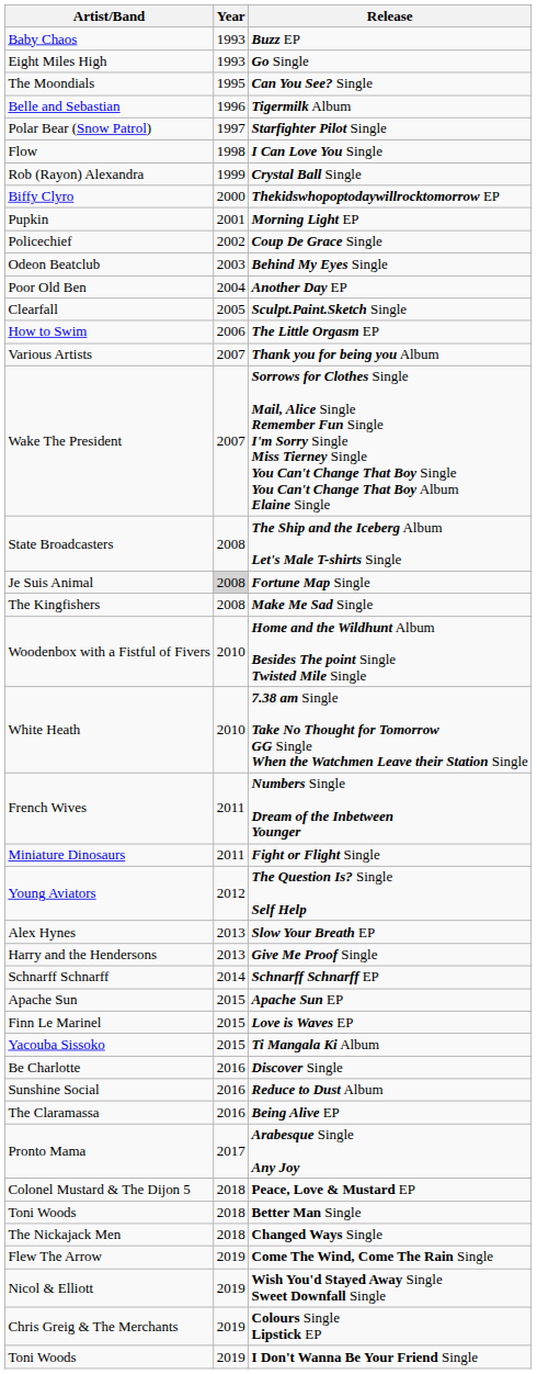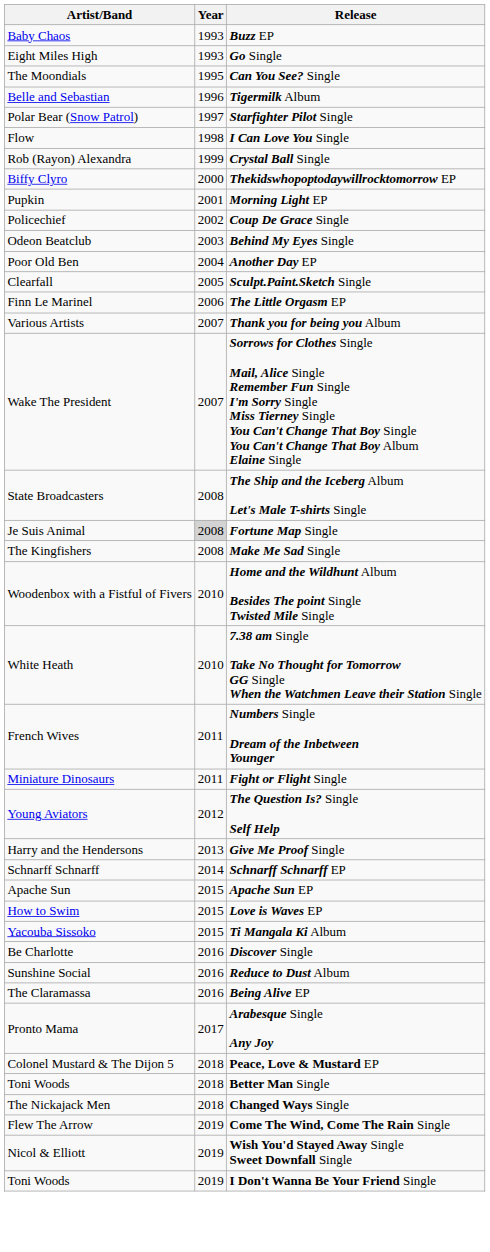 <table class="wikitable">
 <tr>
 <th>Artist/Band</th>
 <th>Year</th>
 <th>Release</th>
 </tr>
 <tr>
 <td><a href='#'>Baby Chaos</a></td>
 <td>1993</td>
 <td><strong><em>Buzz</em></strong> EP</td>
 </tr>
 <tr>
 <td>Eight Miles High</td>
 <td>1993</td>
 <td><strong><em>Go</em></strong> Single</td>
 </tr>
 <tr>
 <td>The Moondials</td>
 <td>1995</td>
 <td><strong><em>Can You See?</em></strong> Single</td>
 </tr>
 <tr>
 <td><a href='#'>Belle and Sebastian</a></td>
 <td>1996</td>
 <td><strong><em>Tigermilk</em></strong> Album</td>
 </tr>
 <tr>
 <td>Polar Bear (<a href='#'>Snow Patrol</a>)</td>
 <td>1997</td>
 <td><strong><em>Starfighter Pilot</em></strong> Single</td>
 </tr>
 <tr>
 <td>Flow</td>
 <td>1998</td>
 <td><strong><em>I Can Love You</em></strong> Single</td>
 </tr>
 <tr>
 <td>Rob (Rayon) Alexandra</td>
 <td>1999</td>
 <td><strong><em>Crystal Ball</em></strong> Single</td>
 </tr>
 <tr>
 <td><a href='#'>Biffy Clyro</a></td>
 <td>2000</td>
 <td><strong><em>Thekidswhopoptodaywillrocktomorrow</em></strong> EP</td>
 </tr>
 <tr>
 <td>Pupkin</td>
 <td>2001</td>
 <td><strong><em>Morning Light</em></strong> EP</td>
 </tr>
 <tr>
 <td>Policechief</td>
 <td>2002</td>
 <td><strong><em>Coup De Grace</em></strong> Single</td>
 </tr>
 <tr>
 <td>Odeon Beatclub</td>
 <td>2003</td>
 <td><strong><em>Behind My Eyes</em></strong> Single</td>
 </tr>
 <tr>
 <td>Poor Old Ben</td>
 <td>2004</td>
 <td><strong><em>Another Day</em></strong> EP</td>
 </tr>
 <tr>
 <td>Clearfall</td>
 <td>2005</td>
 <td><strong><em>Sculpt.Paint.Sketch</em></strong> Single</td>
 </tr>
 <tr>
-<td><a href='#'>How to Swim</a></td>
+<td>Finn Le Marinel</td>
 <td>2006</td>
 <td><strong><em>The Little Orgasm</em></strong> EP</td>
 </tr>
 <tr>
 <td>Various Artists</td>
 <td>2007</td>
 <td><strong><em>Thank you for being you</em></strong> Album</td>
 </tr>
 <tr>
 <td>Wake The President</td>
 <td>2007</td>
 <td><strong><em>Sorrows for Clothes</em></strong> Single<br><br><strong><em>Mail, Alice</em></strong> Single<br> <strong><em>Remember Fun</em></strong> Single<br> <strong><em>I'm Sorry</em></strong> Single<br> <strong><em>Miss Tierney</em></strong> Single<br> <strong><em>You Can't Change That Boy</em></strong> Single <br> <strong><em>You Can't Change That Boy</em></strong> Album <br> <strong><em>Elaine</em></strong> Single</td>
 </tr>
 <tr>
 <td>State Broadcasters</td>
 <td>2008</td>
 <td><strong><em>The Ship and the Iceberg</em></strong> Album<br><br><strong><em>Let's Male T-shirts</em></strong> Single</td>
 </tr>
 <tr>
 <td>Je Suis Animal</td>
 <td style="background: lightgrey;">2008</td>
 <td><strong><em>Fortune Map</em></strong> Single</td>
 </tr>
 <tr>
 <td>The Kingfishers</td>
 <td>2008</td>
 <td><strong><em>Make Me Sad</em></strong> Single</td>
 </tr>
 <tr>
 <td>Woodenbox with a Fistful of Fivers</td>
 <td>2010</td>
 <td><strong><em>Home and the Wildhunt</em></strong> Album<br><br><strong><em>Besides The point</em></strong> Single <br> <strong><em>Twisted Mile</em></strong> Single</td>
 </tr>
 <tr>
 <td>White Heath</td>
 <td>2010</td>
 <td><strong><em>7.38 am</em></strong> Single <br><br><strong><em>Take No Thought for Tomorrow</em></strong> <br> <strong><em>GG</em></strong> Single <br> <strong><em>When the Watchmen Leave their Station</em></strong> Single</td>
 </tr>
 <tr>
 <td>French Wives</td>
 <td>2011</td>
 <td><strong><em>Numbers</em></strong> Single <br><br><strong><em>Dream of the Inbetween</em></strong><br>  <strong><em>Younger</em></strong> <br></td>
 </tr>
 <tr>
 <td><a href='#'>Miniature Dinosaurs</a></td>
 <td>2011</td>
 <td><strong><em>Fight or Flight</em></strong> Single</td>
 </tr>
 <tr>
 <td><a href='#'>Young Aviators</a></td>
 <td>2012</td>
 <td><strong><em>The Question Is?</em></strong> Single <br><br><strong><em>Self Help</em></strong></td>
 </tr>
 <tr>
-<td>Alex Hynes</td>
-<td>2013</td>
-<td><strong><em>Slow Your Breath</em></strong> EP</td>
-</tr>
-<tr>
 <td>Harry and the Hendersons</td>
 <td>2013</td>
 <td><strong><em>Give Me Proof</em></strong> Single</td>
 </tr>
 <tr>
 <td>Schnarff Schnarff</td>
 <td>2014</td>
 <td><strong><em>Schnarff Schnarff</em></strong> EP</td>
 </tr>
 <tr>
 <td>Apache Sun</td>
 <td>2015</td>
 <td><strong><em>Apache Sun</em></strong> EP</td>
 </tr>
 <tr>
-<td>Finn Le Marinel</td>
+<td><a href='#'>How to Swim</a></td>
 <td>2015</td>
 <td><strong><em>Love is Waves</em></strong> EP</td>
 </tr>
 <tr>
 <td><a href='#'>Yacouba Sissoko</a></td>
 <td>2015</td>
 <td><strong><em>Ti Mangala Ki</em></strong> Album</td>
 </tr>
 <tr>
 <td>Be Charlotte</td>
 <td>2016</td>
 <td><strong><em>Discover</em></strong> Single</td>
 </tr>
 <tr>
 <td>Sunshine Social</td>
 <td>2016</td>
 <td><strong><em>Reduce to Dust</em></strong> Album</td>
 </tr>
 <tr>
 <td>The Claramassa</td>
 <td>2016</td>
 <td><strong><em>Being Alive</em></strong> EP</td>
 </tr>
 <tr>
 <td>Pronto Mama</td>
 <td>2017</td>
 <td><strong><em>Arabesque</em></strong> Single <br><br><strong><em>Any Joy</em></strong></td>
 </tr>
 <tr>
 <td>Colonel Mustard & The Dijon 5</td>
 <td>2018</td>
 <td><strong>Peace, Love & Mustard</strong> EP</td>
 </tr>
 <tr>
 <td>Toni Woods</td>
 <td>2018</td>
 <td><strong>Better Man</strong> Single</td>
 </tr>
 <tr>
 <td>The Nickajack Men</td>
 <td>2018</td>
 <td><strong>Changed Ways</strong> Single</td>
 </tr>
 <tr>
 <td>Flew The Arrow</td>
 <td>2019</td>
 <td><strong>Come The Wind, Come The Rain</strong> Single</td>
 </tr>
 <tr>
 <td>Nicol & Elliott</td>
 <td>2019</td>
 <td><strong>Wish You'd Stayed Away</strong> Single<br><strong>Sweet Downfall</strong> Single</td>
 </tr>
 <tr>
-<td>Chris Greig & The Merchants</td>
-<td>2019</td>
-<td><strong>Colours</strong> Single<br><strong>Lipstick</strong> EP</td>
-</tr>
-<tr>
 <td>Toni Woods</td>
 <td>2019</td>
 <td><strong>I Don't Wanna Be Your Friend</strong> Single</td>
 </tr>
 </table>
